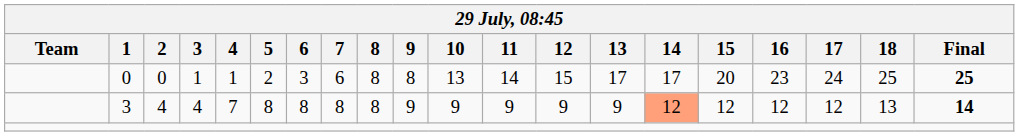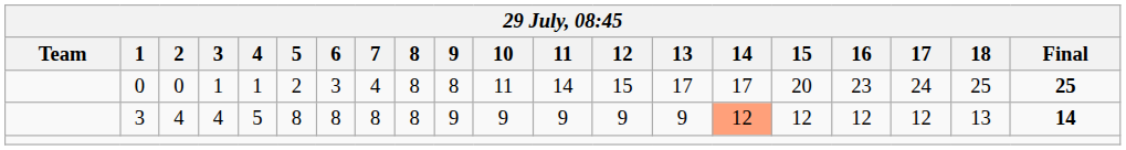 <table class=wikitable style="text-align:center; width: 55%">
 <tr>
 <th colspan=20><em>29 July, 08:45</em></th>
 </tr>
 <tr>
 <th>Team</th>
 <th>1</th>
 <th>2</th>
 <th>3</th>
 <th>4</th>
 <th>5</th>
 <th>6</th>
 <th>7</th>
 <th>8</th>
 <th>9</th>
 <th>10</th>
 <th>11</th>
 <th>12</th>
 <th>13</th>
 <th>14</th>
 <th>15</th>
 <th>16</th>
 <th>17</th>
 <th>18</th>
 <th>Final</th>
 </tr>
 <tr>
 <td align=left><strong></strong></td>
 <td>0</td>
 <td>0</td>
 <td>1</td>
 <td>1</td>
 <td>2</td>
 <td>3</td>
-<td>6</td>
+<td>4</td>
 <td>8</td>
 <td>8</td>
-<td>13</td>
+<td>11</td>
 <td>14</td>
 <td>15</td>
 <td>17</td>
 <td>17</td>
 <td>20</td>
 <td>23</td>
 <td>24</td>
 <td>25</td>
 <td><strong>25</strong></td>
 </tr>
 <tr>
 <td align=left></td>
 <td>3</td>
 <td>4</td>
 <td>4</td>
-<td>7</td>
+<td>5</td>
 <td>8</td>
 <td>8</td>
 <td>8</td>
 <td>8</td>
 <td>9</td>
 <td>9</td>
 <td>9</td>
 <td>9</td>
 <td>9</td>
 <td style="background: lightsalmon;">12</td>
 <td>12</td>
 <td>12</td>
 <td>12</td>
 <td>13</td>
 <td><strong>14</strong></td>
 </tr>
 <tr>
 <td colspan=20></td>
 </tr>
 </table>
